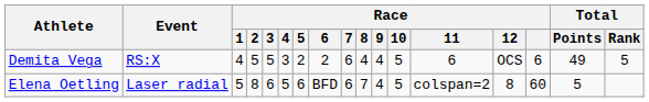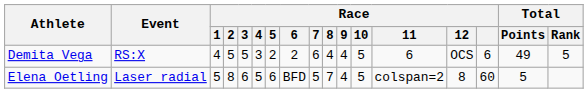 <table class=wikitable style=font-size:90%;text-align:center>
 <tr>
 <th rowspan=2>Athlete</th>
 <th rowspan=2>Event</th>
 <th colspan=13>Race</th>
 <th colspan=2>Total</th>
 </tr>
 <tr style=font-size:95%>
 <th>1</th>
 <th>2</th>
 <th>3</th>
 <th>4</th>
 <th>5</th>
 <th>6</th>
 <th>7</th>
 <th>8</th>
 <th>9</th>
 <th>10</th>
 <th>11</th>
 <th>12</th>
 <th></th>
 <th>Points</th>
 <th>Rank</th>
 </tr>
 <tr>
 <td align=left><a href='#'>Demita Vega</a></td>
 <td align=left><a href='#'>RS:X</a></td>
 <td>4</td>
 <td>5</td>
 <td>5</td>
 <td>3</td>
 <td>2</td>
 <td>2</td>
 <td>6</td>
 <td>4</td>
 <td>4</td>
 <td>5</td>
 <td>6</td>
 <td>OCS</td>
 <td>6</td>
 <td>49</td>
 <td>5</td>
 </tr>
 <tr>
 <td align=left><a href='#'>Elena Oetling</a></td>
 <td align=left><a href='#'>Laser radial</a></td>
 <td>5</td>
 <td>8</td>
 <td>6</td>
 <td>5</td>
 <td>6</td>
 <td>BFD</td>
-<td>6</td>
+<td>5</td>
 <td>7</td>
 <td>4</td>
 <td>5</td>
 <td>colspan=2 </td>
 <td>8</td>
 <td>60</td>
 <td>5</td>
 </tr>
 </table>
